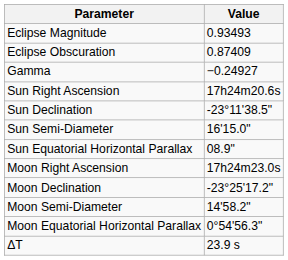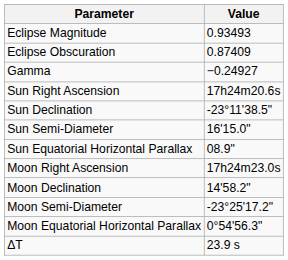 <table class="wikitable">
 <tr>
 <th>Parameter</th>
 <th>Value</th>
 </tr>
 <tr>
 <td>Eclipse Magnitude</td>
 <td>0.93493</td>
 </tr>
 <tr>
 <td>Eclipse Obscuration</td>
 <td>0.87409</td>
 </tr>
 <tr>
 <td>Gamma</td>
 <td>−0.24927</td>
 </tr>
 <tr>
 <td>Sun Right Ascension</td>
 <td>17h24m20.6s</td>
 </tr>
 <tr>
 <td>Sun Declination</td>
 <td>-23°11'38.5"</td>
 </tr>
 <tr>
 <td>Sun Semi-Diameter</td>
 <td>16'15.0"</td>
 </tr>
 <tr>
 <td>Sun Equatorial Horizontal Parallax</td>
 <td>08.9"</td>
 </tr>
 <tr>
 <td>Moon Right Ascension</td>
 <td>17h24m23.0s</td>
 </tr>
 <tr>
 <td>Moon Declination</td>
-<td>-23°25'17.2"</td>
+<td>14'58.2"</td>
 </tr>
 <tr>
 <td>Moon Semi-Diameter</td>
-<td>14'58.2"</td>
+<td>-23°25'17.2"</td>
 </tr>
 <tr>
 <td>Moon Equatorial Horizontal Parallax</td>
 <td>0°54'56.3"</td>
 </tr>
 <tr>
 <td>ΔT</td>
 <td>23.9 s</td>
 </tr>
 </table>
